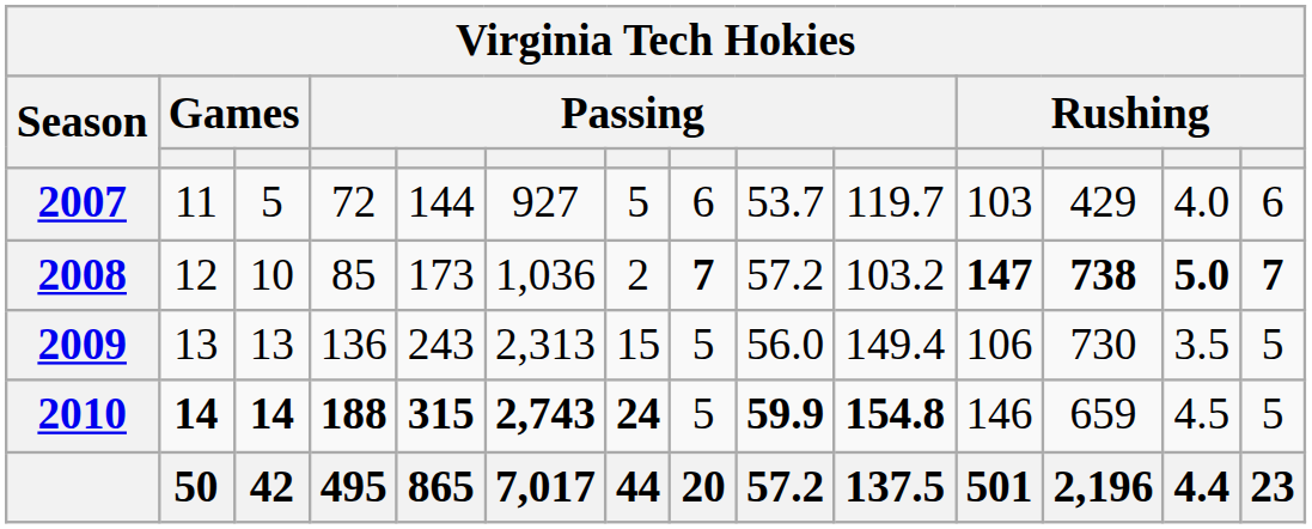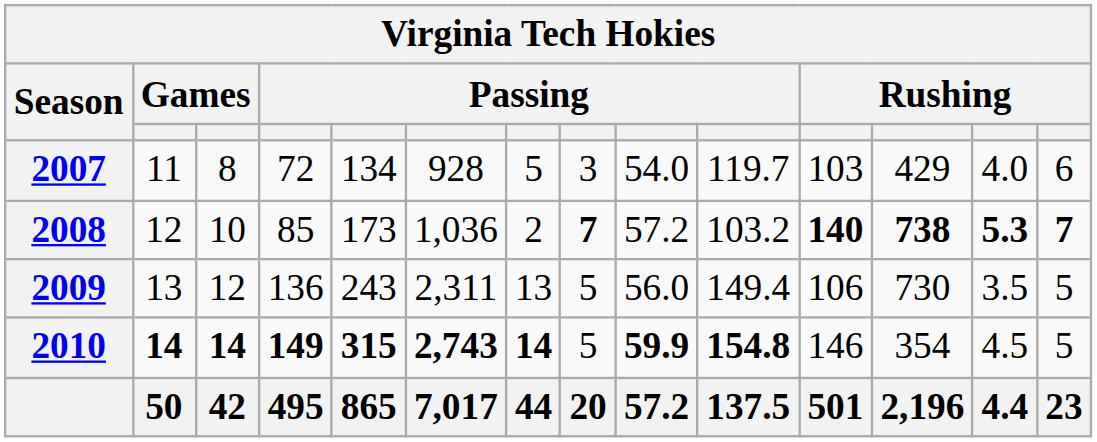 <table class="wikitable" style="text-align:center;">
 <tr>
 <th colspan="16">Virginia Tech Hokies</th>
 </tr>
 <tr>
 <th rowspan="2">Season</th>
 <th colspan="2">Games</th>
 <th colspan="7">Passing</th>
 <th colspan="4">Rushing</th>
 </tr>
 <tr>
 <th></th>
 <th></th>
 <th></th>
 <th></th>
 <th></th>
 <th></th>
 <th></th>
 <th></th>
 <th></th>
 <th></th>
 <th></th>
 <th></th>
 <th></th>
 </tr>
 <tr>
 <th><a href='#'>2007</a></th>
 <td>11</td>
+<td>8</td>
+<td>72</td>
+<td>134</td>
+<td>928</td>
 <td>5</td>
-<td>72</td>
-<td>144</td>
-<td>927</td>
-<td>5</td>
-<td>6</td>
-<td>53.7</td>
+<td>3</td>
+<td>54.0</td>
 <td>119.7</td>
 <td>103</td>
 <td>429</td>
 <td>4.0</td>
 <td>6</td>
 </tr>
 <tr>
 <th><a href='#'>2008</a></th>
 <td>12</td>
 <td>10</td>
 <td>85</td>
 <td>173</td>
 <td>1,036</td>
 <td>2</td>
 <td><strong>7</strong></td>
 <td>57.2</td>
 <td>103.2</td>
-<td><strong>147</strong></td>
+<td><strong>140</strong></td>
 <td><strong>738</strong></td>
-<td><strong>5.0</strong></td>
+<td><strong>5.3</strong></td>
 <td><strong>7</strong></td>
 </tr>
 <tr>
 <th><a href='#'>2009</a></th>
 <td>13</td>
-<td>13</td>
+<td>12</td>
 <td>136</td>
 <td>243</td>
-<td>2,313</td>
-<td>15</td>
+<td>2,311</td>
+<td>13</td>
 <td>5</td>
 <td>56.0</td>
 <td>149.4</td>
 <td>106</td>
 <td>730</td>
 <td>3.5</td>
 <td>5</td>
 </tr>
 <tr>
 <th><a href='#'>2010</a></th>
 <td><strong>14</strong></td>
 <td><strong>14</strong></td>
-<td><strong>188</strong></td>
+<td><strong>149</strong></td>
 <td><strong>315</strong></td>
 <td><strong>2,743</strong></td>
-<td><strong>24</strong></td>
+<td><strong>14</strong></td>
 <td>5</td>
 <td><strong>59.9</strong></td>
 <td><strong>154.8</strong></td>
 <td>146</td>
-<td>659</td>
+<td>354</td>
 <td>4.5</td>
 <td>5</td>
 </tr>
 <tr>
 <th></th>
 <th>50</th>
 <th>42</th>
 <th>495</th>
 <th>865</th>
 <th>7,017</th>
 <th>44</th>
 <th>20</th>
 <th>57.2</th>
 <th>137.5</th>
 <th>501</th>
 <th>2,196</th>
 <th>4.4</th>
 <th>23</th>
 </tr>
 </table>
